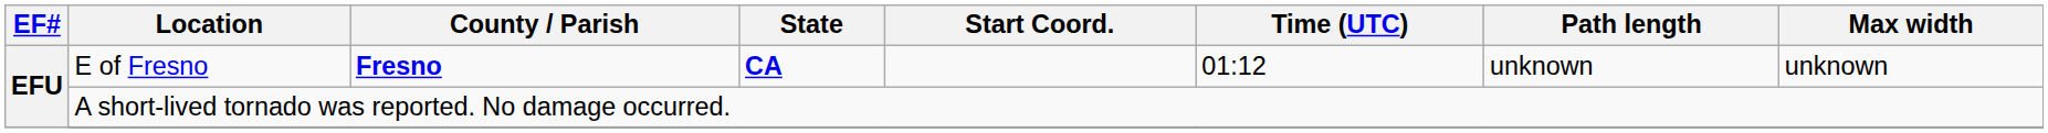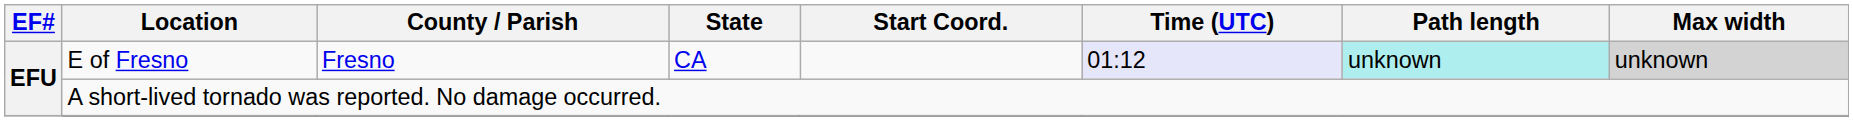 <table class="wikitable sortable" style="width:100%;">
 <tr>
 <th scope="col" width="2%" align="center"><a href='#'>EF#</a></th>
 <th scope="col" align="center" class="unsortable">Location</th>
 <th scope="col" align="center" class="unsortable">County / Parish</th>
 <th scope="col" align="center">State</th>
 <th scope="col" align="center">Start Coord.</th>
 <th scope="col" align="center">Time (<a href='#'>UTC</a>)</th>
 <th scope="col" align="center">Path length</th>
 <th scope="col" align="center">Max width</th>
 </tr>
 <tr>
 <th scope="row" rowspan="2" style="background-color:#">EFU</th>
 <td>E of <a href='#'>Fresno</a></td>
-<td><strong><a href='#'>Fresno</a></strong></td>
-<td><strong><a href='#'>CA</a></strong></td>
+<td><a href='#'>Fresno</a></td>
+<td><a href='#'>CA</a></td>
 <td></td>
-<td>01:12</td>
-<td>unknown</td>
-<td>unknown</td>
+<td style="background: lavender;">01:12</td>
+<td style="background: paleturquoise;">unknown</td>
+<td style="background: lightgrey;">unknown</td>
 </tr>
 <tr class="expand-child">
 <td colspan="8" style=" border-bottom: 1px solid black;">A short-lived tornado was reported. No damage occurred.</td>
 </tr>
 <tr>
 </tr>
 </table>
